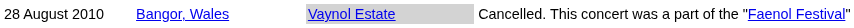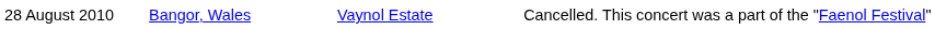 <table cellpadding="2" style="border:0 solid darkgrey; font-size:90%;">
 <tr>
 <th style="width:150px;"></th>
 <th style="width:200px;"></th>
 <th style="width:200px;"></th>
 <th style="width:500px;"></th>
 </tr>
 <tr border="0">
 <td>28 August 2010</td>
 <td><a href='#'>Bangor, Wales</a></td>
-<td style="background: lightgrey;"><a href='#'>Vaynol Estate</a></td>
+<td><a href='#'>Vaynol Estate</a></td>
 <td>Cancelled. This concert was a part of the "<a href='#'>Faenol Festival</a>"</td>
 </tr>
 </table>
